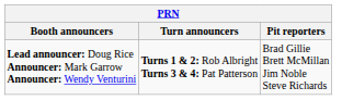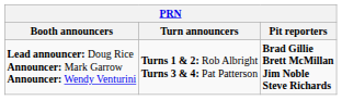 <table class="wikitable" style="font-size: 95%;">
 <tr>
 <th colspan="3"><a href='#'>PRN</a></th>
 </tr>
 <tr>
 <th>Booth announcers</th>
 <th>Turn announcers</th>
 <th>Pit reporters</th>
 </tr>
 <tr>
 <td><strong>Lead announcer:</strong> Doug Rice<br><strong>Announcer:</strong> Mark Garrow<br><strong>Announcer:</strong> <a href='#'>Wendy Venturini</a></td>
 <td><strong>Turns 1 & 2:</strong> Rob Albright <br><strong>Turns 3 & 4:</strong> Pat Patterson</td>
-<td>Brad Gillie<br>Brett McMillan<br>Jim Noble<br>Steve Richards</td>
+<td><strong>Brad Gillie<br>Brett McMillan<br>Jim Noble<br>Steve Richards</strong></td>
 </tr>
 </table>
